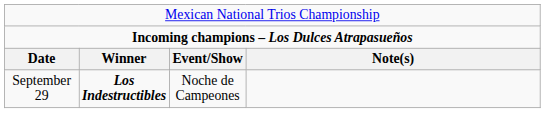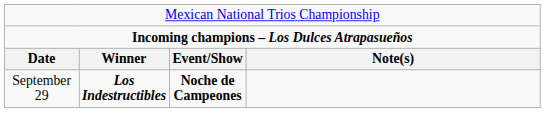 <table class="wikitable" style="text-align:center; width:100%;">
 <tr>
 <td colspan="5" style="text-align: center;"><a href='#'>Mexican National Trios Championship</a></td>
 </tr>
 <tr>
 <td colspan="5" style="text-align: center;"><strong>Incoming champions – <em>Los Dulces Atrapasueños</em> </strong></td>
 </tr>
 <tr>
 <th width=14%>Date</th>
 <th width=14%>Winner</th>
 <th width=14%>Event/Show</th>
 <th width=58%>Note(s)</th>
 </tr>
 <tr>
 <td>September 29</td>
 <td><strong><em>Los Indestructibles</em><br></strong></td>
-<td>Noche de Campeones</td>
+<td><strong>Noche de Campeones</strong></td>
 <td></td>
 </tr>
 </table>
